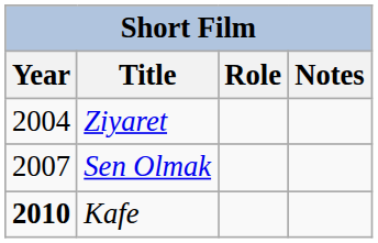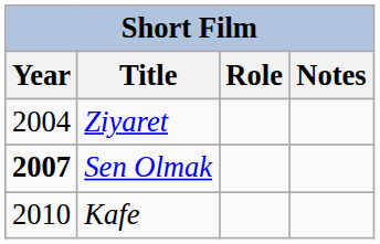 <table class="wikitable plainrowheaders sortable" style="margin-right: 0; font-size: 100%;">
 <tr bgcolor="#CCCCCC" align="center">
 <th colspan="4" style="background: LightSteelBlue;">Short Film</th>
 </tr>
 <tr bgcolor="#CCCCCC" align="center">
 <th>Year</th>
 <th>Title</th>
 <th>Role</th>
 <th>Notes</th>
 </tr>
 <tr>
 <td>2004</td>
 <td><em><a href='#'>Ziyaret</a></em></td>
 <td></td>
 <td></td>
 </tr>
 <tr>
-<td>2007</td>
+<td><strong>2007</strong></td>
 <td><em><a href='#'>Sen Olmak</a></em></td>
 <td></td>
 <td></td>
 </tr>
 <tr>
-<td><strong>2010</strong></td>
+<td>2010</td>
 <td><em>Kafe</em></td>
 <td></td>
 <td></td>
 </tr>
 </table>
